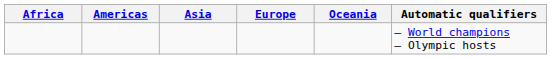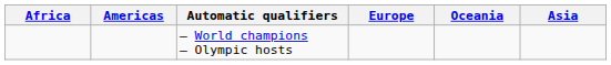 <table class=wikitable width=100% valign=top>
 <tr>
 <th width=13%><a href='#'>Africa</a></th>
 <th width=13%><a href='#'>Americas</a></th>
-<th width=13%><a href='#'>Asia</a></th>
+<th width=26%>Automatic qualifiers</th>
 <th width=13%><a href='#'>Europe</a></th>
 <th width=13%><a href='#'>Oceania</a></th>
-<th width=26%>Automatic qualifiers</th>
+<th width=13%><a href='#'>Asia</a></th>
 </tr>
 <tr valign=top>
 <td></td>
 <td></td>
-<td><br><br></td>
+<td> – <a href='#'>World champions</a><br> – Olympic hosts</td>
 <td><br><br></td>
 <td><br></td>
-<td> – <a href='#'>World champions</a><br> – Olympic hosts</td>
+<td><br><br></td>
 </tr>
 </table>
